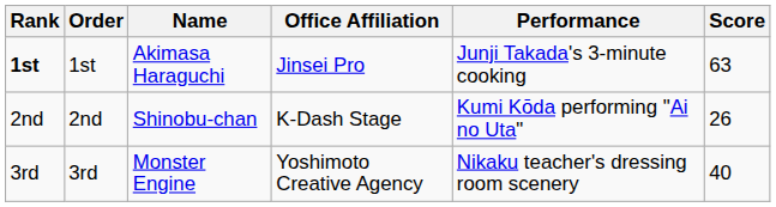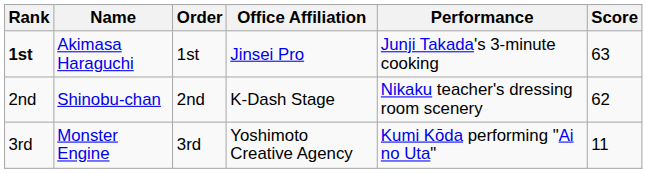 <table class="wikitable">
 <tr>
 <th>Rank</th>
+<th>Name</th>
 <th>Order</th>
-<th>Name</th>
 <th>Office Affiliation</th>
 <th>Performance</th>
 <th>Score</th>
 </tr>
 <tr>
 <td><strong>1st</strong></td>
+<td><a href='#'>Akimasa Haraguchi</a></td>
 <td>1st</td>
-<td><a href='#'>Akimasa Haraguchi</a></td>
 <td><a href='#'>Jinsei Pro</a></td>
 <td><a href='#'>Junji Takada</a>'s 3-minute cooking</td>
 <td>63</td>
 </tr>
 <tr>
 <td>2nd</td>
+<td><a href='#'>Shinobu-chan</a></td>
 <td>2nd</td>
-<td><a href='#'>Shinobu-chan</a></td>
 <td>K-Dash Stage</td>
-<td><a href='#'>Kumi Kōda</a> performing "<a href='#'>Ai no Uta</a>"</td>
-<td>26</td>
+<td><a href='#'>Nikaku</a> teacher's dressing room scenery</td>
+<td>62</td>
 </tr>
 <tr>
 <td>3rd</td>
+<td><a href='#'>Monster Engine</a></td>
 <td>3rd</td>
-<td><a href='#'>Monster Engine</a></td>
 <td>Yoshimoto Creative Agency</td>
-<td><a href='#'>Nikaku</a> teacher's dressing room scenery</td>
-<td>40</td>
+<td><a href='#'>Kumi Kōda</a> performing "<a href='#'>Ai no Uta</a>"</td>
+<td>11</td>
 </tr>
 </table>
